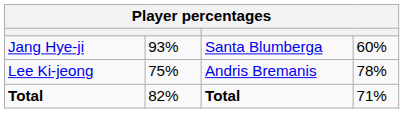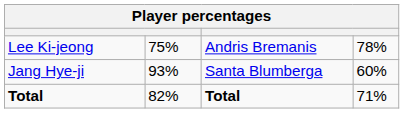 <table class="wikitable">
 <tr>
 <th colspan=4 width=400>Player percentages</th>
 </tr>
 <tr>
 <th colspan=2 width=200 style="white-space:nowrap;"></th>
 <th colspan=2 width=200 style="white-space:nowrap;"></th>
 </tr>
 <tr>
+<td><a href='#'>Lee Ki-jeong</a></td>
+<td>75%</td>
+<td><a href='#'>Andris Bremanis</a></td>
+<td>78%</td>
+</tr>
+<tr>
 <td><a href='#'>Jang Hye-ji</a></td>
 <td>93%</td>
 <td><a href='#'>Santa Blumberga</a></td>
 <td>60%</td>
-</tr>
-<tr>
-<td><a href='#'>Lee Ki-jeong</a></td>
-<td>75%</td>
-<td><a href='#'>Andris Bremanis</a></td>
-<td>78%</td>
 </tr>
 <tr>
 <td><strong>Total</strong></td>
 <td>82%</td>
 <td><strong>Total</strong></td>
 <td>71%</td>
 </tr>
 </table>
